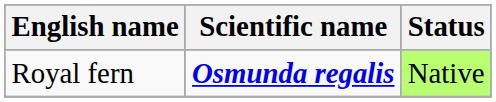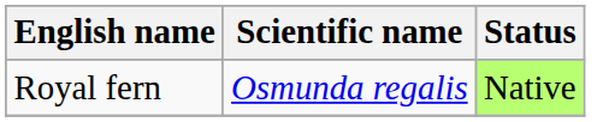 <table class="wikitable" |>
 <tr>
 <th>English name</th>
 <th>Scientific name</th>
 <th>Status</th>
 </tr>
 <tr>
 <td>Royal fern</td>
-<td><strong><em><a href='#'>Osmunda regalis</a></em></strong></td>
+<td><em><a href='#'>Osmunda regalis</a></em></td>
 <td style="background: #B9FF72; text-align: ">Native</td>
 </tr>
 <tr>
 </tr>
 </table>
